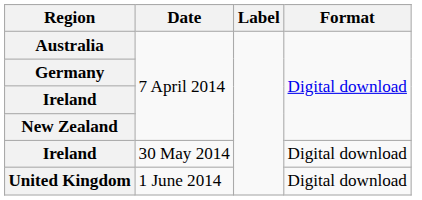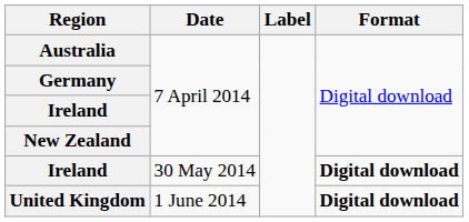 <table class="wikitable sortable plainrowheaders">
 <tr>
 <th scope="col">Region</th>
 <th scope="col">Date</th>
 <th scope="col">Label</th>
 <th scope="col">Format</th>
 </tr>
 <tr>
 <th scope="row">Australia</th>
 <td rowspan="4">7 April 2014</td>
 <td rowspan="6"></td>
 <td rowspan="4"><a href='#'>Digital download</a> </td>
 </tr>
 <tr>
 <th scope="row">Germany</th>
 </tr>
 <tr>
 <th scope="row">Ireland</th>
 </tr>
 <tr>
 <th scope="row">New Zealand</th>
 </tr>
 <tr>
 <th scope="row">Ireland</th>
 <td>30 May 2014</td>
-<td>Digital download </td>
+<td><strong>Digital download </strong></td>
 </tr>
 <tr>
 <th scope="row">United Kingdom</th>
 <td>1 June 2014</td>
-<td>Digital download </td>
+<td><strong>Digital download </strong></td>
 </tr>
 </table>
